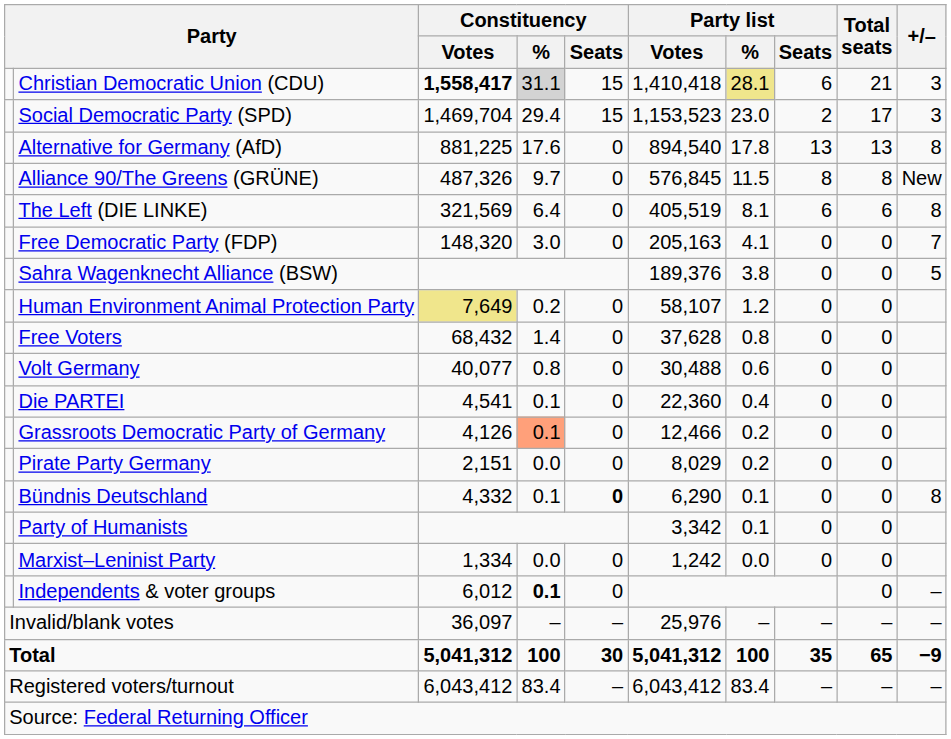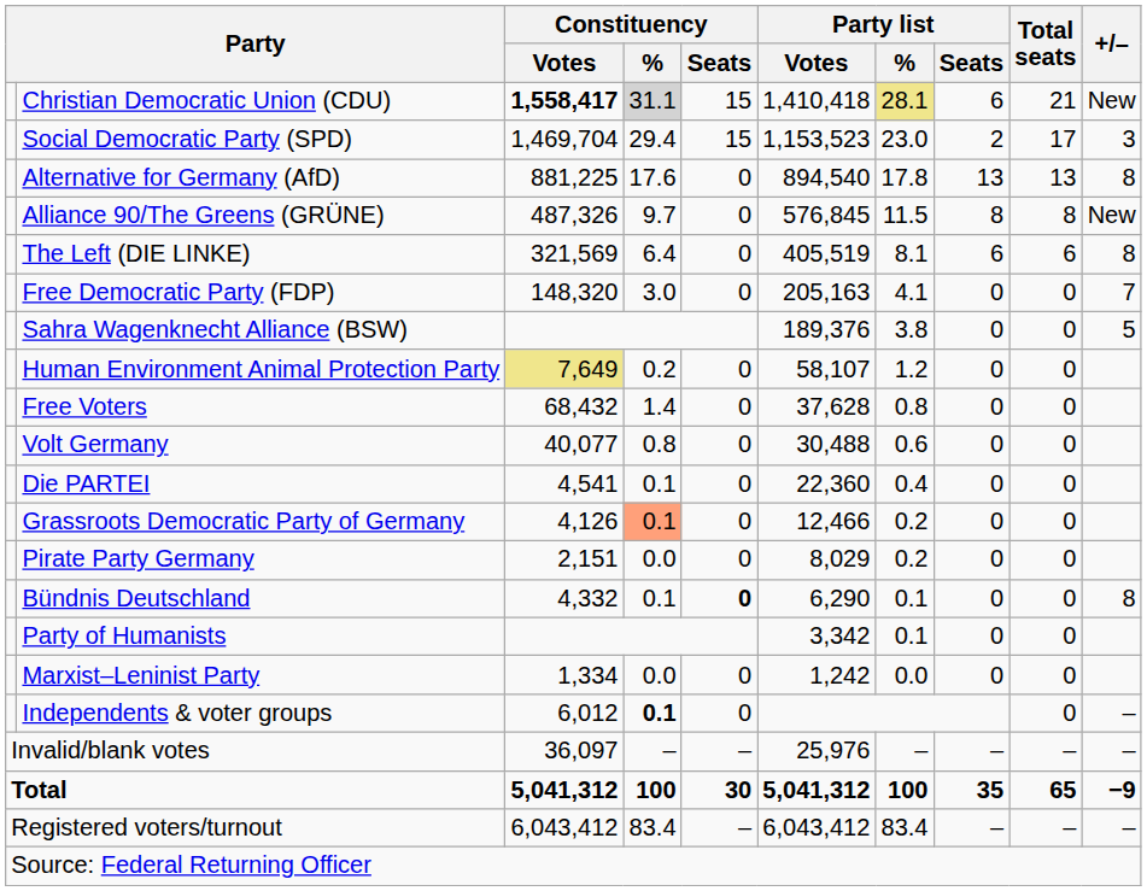 <table class="wikitable" style="text-align:right">
 <tr>
 <th colspan="2" rowspan="2">Party</th>
 <th colspan="3">Constituency</th>
 <th colspan="3">Party list</th>
 <th rowspan="2">Total<br>seats</th>
 <th rowspan="2">+/–</th>
 </tr>
 <tr>
 <th>Votes</th>
 <th>%</th>
 <th>Seats</th>
 <th>Votes</th>
 <th>%</th>
 <th>Seats</th>
 </tr>
 <tr>
 <td></td>
 <td align="left"><a href='#'>Christian Democratic Union</a> (CDU)</td>
 <td><strong>1,558,417</strong></td>
 <td style="background: lightgrey;">31.1</td>
 <td>15</td>
 <td>1,410,418</td>
 <td style="background: khaki;">28.1</td>
 <td>6</td>
 <td>21</td>
-<td> 3</td>
+<td>New</td>
 </tr>
 <tr>
 <td></td>
 <td align="left"><a href='#'>Social Democratic Party</a> (SPD)</td>
 <td>1,469,704</td>
 <td>29.4</td>
 <td>15</td>
 <td>1,153,523</td>
 <td>23.0</td>
 <td>2</td>
 <td>17</td>
 <td> 3</td>
 </tr>
 <tr>
 <td></td>
 <td align="left"><a href='#'>Alternative for Germany</a> (AfD)</td>
 <td>881,225</td>
 <td>17.6</td>
 <td>0</td>
 <td>894,540</td>
 <td>17.8</td>
 <td>13</td>
 <td>13</td>
 <td> 8</td>
 </tr>
 <tr>
 <td></td>
 <td align="left"><a href='#'>Alliance 90/The Greens</a> (GRÜNE)</td>
 <td>487,326</td>
 <td>9.7</td>
 <td>0</td>
 <td>576,845</td>
 <td>11.5</td>
 <td>8</td>
 <td>8</td>
 <td>New</td>
 </tr>
 <tr>
 <td></td>
 <td align="left"><a href='#'>The Left</a> (DIE LINKE)</td>
 <td>321,569</td>
 <td>6.4</td>
 <td>0</td>
 <td>405,519</td>
 <td>8.1</td>
 <td>6</td>
 <td>6</td>
 <td> 8</td>
 </tr>
 <tr>
 <td></td>
 <td align="left"><a href='#'>Free Democratic Party</a> (FDP)</td>
 <td>148,320</td>
 <td>3.0</td>
 <td>0</td>
 <td>205,163</td>
 <td>4.1</td>
 <td>0</td>
 <td>0</td>
 <td> 7</td>
 </tr>
 <tr>
 <td style="background-color:"></td>
 <td align="left"><a href='#'>Sahra Wagenknecht Alliance</a> (BSW)</td>
 <td colspan="3"></td>
 <td>189,376</td>
 <td>3.8</td>
 <td>0</td>
 <td>0</td>
 <td> 5</td>
 </tr>
 <tr>
 <td style="background-color:"></td>
 <td align="left"><a href='#'>Human Environment Animal Protection Party</a></td>
 <td style="background: khaki;">7,649</td>
 <td>0.2</td>
 <td>0</td>
 <td>58,107</td>
 <td>1.2</td>
 <td>0</td>
 <td>0</td>
 <td></td>
 </tr>
 <tr>
 <td style="background-color:"></td>
 <td align="left"><a href='#'>Free Voters</a></td>
 <td>68,432</td>
 <td>1.4</td>
 <td>0</td>
 <td>37,628</td>
 <td>0.8</td>
 <td>0</td>
 <td>0</td>
 <td></td>
 </tr>
 <tr>
 <td style="background-color:"></td>
 <td align="left"><a href='#'>Volt Germany</a></td>
 <td>40,077</td>
 <td>0.8</td>
 <td>0</td>
 <td>30,488</td>
 <td>0.6</td>
 <td>0</td>
 <td>0</td>
 <td></td>
 </tr>
 <tr>
 <td style="background-color:"></td>
 <td align="left"><a href='#'>Die PARTEI</a></td>
 <td>4,541</td>
 <td>0.1</td>
 <td>0</td>
 <td>22,360</td>
 <td>0.4</td>
 <td>0</td>
 <td>0</td>
 <td></td>
 </tr>
 <tr>
 <td style="background-color:"></td>
 <td align="left"><a href='#'>Grassroots Democratic Party of Germany</a></td>
 <td>4,126</td>
 <td style="background: lightsalmon;">0.1</td>
 <td>0</td>
 <td>12,466</td>
 <td>0.2</td>
 <td>0</td>
 <td>0</td>
 <td></td>
 </tr>
 <tr>
 <td style="background-color:"></td>
 <td align="left"><a href='#'>Pirate Party Germany</a></td>
 <td>2,151</td>
 <td>0.0</td>
 <td>0</td>
 <td>8,029</td>
 <td>0.2</td>
 <td>0</td>
 <td>0</td>
 <td></td>
 </tr>
 <tr>
 <td style="background-color:"></td>
 <td align="left"><a href='#'>Bündnis Deutschland</a></td>
 <td>4,332</td>
 <td>0.1</td>
 <td><strong>0</strong></td>
 <td>6,290</td>
 <td>0.1</td>
 <td>0</td>
 <td>0</td>
 <td> 8</td>
 </tr>
 <tr>
 <td style="background-color:"></td>
 <td align="left"><a href='#'>Party of Humanists</a></td>
 <td colspan="3"></td>
 <td>3,342</td>
 <td>0.1</td>
 <td>0</td>
 <td>0</td>
 <td></td>
 </tr>
 <tr>
 <td style="background-color:"></td>
 <td align="left"><a href='#'>Marxist–Leninist Party</a></td>
 <td>1,334</td>
 <td>0.0</td>
 <td>0</td>
 <td>1,242</td>
 <td>0.0</td>
 <td>0</td>
 <td>0</td>
 <td></td>
 </tr>
 <tr>
 <td style="background-color:"></td>
 <td align="left"><a href='#'>Independents</a> & voter groups</td>
 <td>6,012</td>
 <td><strong>0.1</strong></td>
 <td>0</td>
 <td colspan="3"></td>
 <td>0</td>
 <td>–</td>
 </tr>
 <tr>
 <td colspan="2" align="left">Invalid/blank votes</td>
 <td>36,097</td>
 <td>–</td>
 <td>–</td>
 <td>25,976</td>
 <td>–</td>
 <td>–</td>
 <td>–</td>
 <td>–</td>
 </tr>
 <tr>
 <td colspan="2" align="left"><strong>Total</strong></td>
 <td><strong>5,041,312</strong></td>
 <td><strong>100</strong></td>
 <td><strong>30</strong></td>
 <td><strong>5,041,312</strong></td>
 <td><strong>100</strong></td>
 <td><strong>35</strong></td>
 <td><strong>65</strong></td>
 <td><strong>−9</strong></td>
 </tr>
 <tr>
 <td colspan="2" align="left">Registered voters/turnout</td>
 <td>6,043,412</td>
 <td>83.4</td>
 <td>–</td>
 <td>6,043,412</td>
 <td>83.4</td>
 <td>–</td>
 <td>–</td>
 <td>–</td>
 </tr>
 <tr>
 <td colspan="10" align="left">Source: <a href='#'>Federal Returning Officer</a></td>
 </tr>
 </table>
